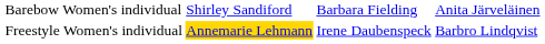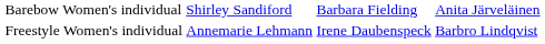 <table>
 <tr>
 <td>Barebow Women's individual<br></td>
 <td> <a href='#'>Shirley Sandiford</a></td>
 <td> <a href='#'>Barbara Fielding</a></td>
 <td> <a href='#'>Anita Järveläinen</a></td>
 </tr>
 <tr>
 <td>Freestyle Women's individual<br></td>
-<td style="background: gold;"> <a href='#'>Annemarie Lehmann</a></td>
+<td> <a href='#'>Annemarie Lehmann</a></td>
 <td> <a href='#'>Irene Daubenspeck</a></td>
 <td> <a href='#'>Barbro Lindqvist</a></td>
 </tr>
 </table>
